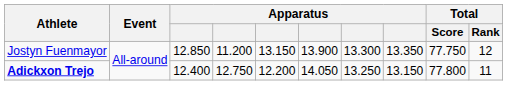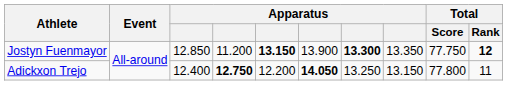 <table class=wikitable style=font-size:90%;text-align:center>
 <tr>
 <th rowspan=2>Athlete</th>
 <th rowspan=2>Event</th>
 <th colspan=6>Apparatus</th>
 <th colspan=2>Total</th>
 </tr>
 <tr style=font-size:95%>
 <th></th>
 <th></th>
 <th></th>
 <th></th>
 <th></th>
 <th></th>
 <th>Score</th>
 <th>Rank</th>
 </tr>
 <tr>
 <td align=left><a href='#'>Jostyn Fuenmayor</a></td>
 <td align=left rowspan=2><a href='#'>All-around</a></td>
 <td>12.850</td>
 <td>11.200</td>
-<td>13.150</td>
+<td><strong>13.150</strong></td>
 <td>13.900</td>
-<td>13.300</td>
+<td><strong>13.300</strong></td>
 <td>13.350</td>
 <td>77.750</td>
-<td>12</td>
+<td><strong>12</strong></td>
 </tr>
 <tr>
-<td align=left><strong><a href='#'>Adickxon Trejo</a></strong></td>
+<td align=left><a href='#'>Adickxon Trejo</a></td>
 <td>12.400</td>
-<td>12.750</td>
+<td><strong>12.750</strong></td>
 <td>12.200</td>
-<td>14.050</td>
+<td><strong>14.050</strong></td>
 <td>13.250</td>
 <td>13.150</td>
 <td>77.800</td>
 <td>11</td>
 </tr>
 </table>
